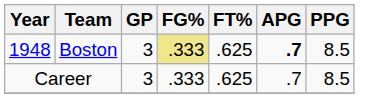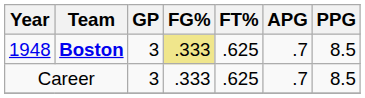 <table class="wikitable sortable" style="font-size:95%; text-align:right;">
 <tr>
 <th>Year</th>
 <th>Team</th>
 <th>GP</th>
 <th>FG%</th>
 <th>FT%</th>
 <th>APG</th>
 <th>PPG</th>
 </tr>
 <tr>
 <td style="text-align:left;"><a href='#'>1948</a></td>
-<td style="text-align:left;"><a href='#'>Boston</a></td>
+<td style="text-align:left;"><strong><a href='#'>Boston</a></strong></td>
 <td>3</td>
 <td style="background: khaki;">.333</td>
 <td>.625</td>
-<td><strong>.7</strong></td>
+<td>.7</td>
 <td>8.5</td>
 </tr>
 <tr>
 <td style="text-align:center;" colspan="2">Career</td>
 <td>3</td>
 <td>.333</td>
 <td>.625</td>
 <td>.7</td>
 <td>8.5</td>
 </tr>
 <tr>
 </tr>
 </table>
